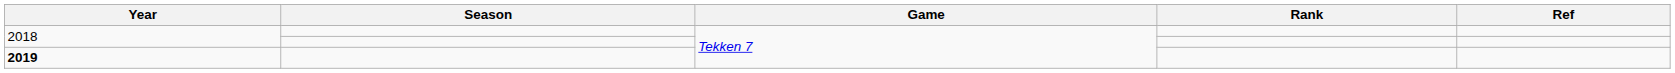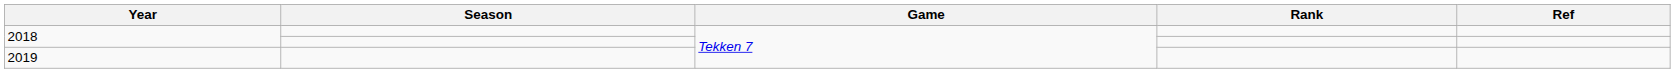 <table class="wikitable sortable" style="width: 100%;">
 <tr>
 <th>Year</th>
 <th>Season</th>
 <th>Game</th>
 <th>Rank</th>
 <th>Ref</th>
 </tr>
 <tr>
 <td rowspan="2">2018</td>
 <td></td>
 <td rowspan="3"><em><a href='#'>Tekken 7</a></em></td>
 <td></td>
 <td></td>
 </tr>
 <tr>
 <td></td>
 <td></td>
 <td></td>
 </tr>
 <tr>
-<td><strong>2019</strong></td>
+<td>2019</td>
 <td></td>
 <td></td>
 <td></td>
 </tr>
 </table>
